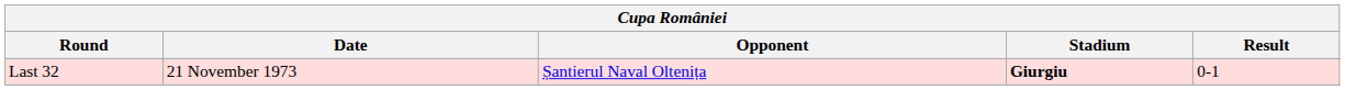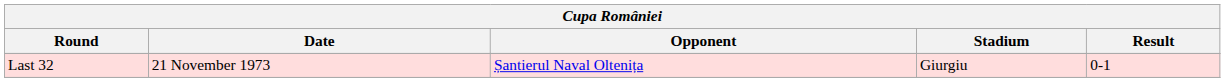 <table class="wikitable" style="width:80%;">
 <tr>
 <th colspan="5" style="text-align:center;"><em>Cupa României</em></th>
 </tr>
 <tr>
 <th>Round</th>
 <th>Date</th>
 <th>Opponent</th>
 <th>Stadium</th>
 <th>Result</th>
 </tr>
 <tr>
 </tr>
 <tr bgcolor="#ffdddd">
 <td>Last 32</td>
 <td>21 November 1973</td>
 <td><a href='#'>Șantierul Naval Oltenița</a></td>
-<td><strong>Giurgiu</strong></td>
+<td>Giurgiu</td>
 <td>0-1</td>
 </tr>
 <tr>
 </tr>
 </table>
